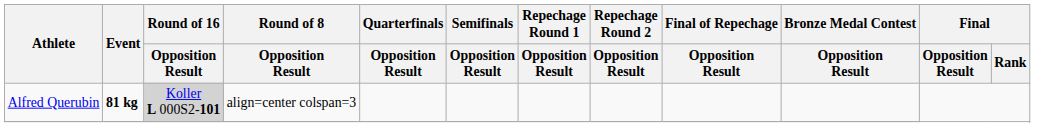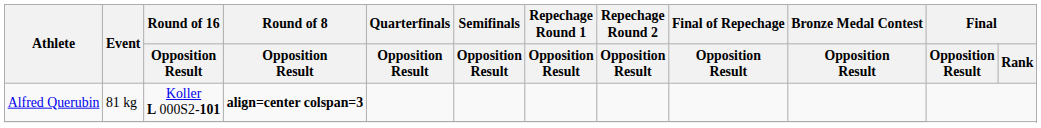 <table class="wikitable" style="font-size:90%">
 <tr>
 <th rowspan="2">Athlete</th>
 <th rowspan="2">Event</th>
 <th colspan="1">Round of 16</th>
 <th colspan="1">Round of 8</th>
 <th colspan="1">Quarterfinals</th>
 <th colspan="1">Semifinals</th>
 <th colspan="1">Repechage<br>Round 1</th>
 <th colspan="1">Repechage<br>Round 2</th>
 <th colspan="1">Final of Repechage</th>
 <th colspan="1">Bronze Medal Contest</th>
 <th colspan="2">Final</th>
 </tr>
 <tr>
 <th>Opposition<br>Result</th>
 <th>Opposition<br>Result</th>
 <th>Opposition<br>Result</th>
 <th>Opposition<br>Result</th>
 <th>Opposition<br>Result</th>
 <th>Opposition<br>Result</th>
 <th>Opposition<br>Result</th>
 <th>Opposition<br>Result</th>
 <th>Opposition<br>Result</th>
 <th>Rank</th>
 </tr>
 <tr>
 <td><a href='#'>Alfred Querubin</a></td>
-<td><strong>81 kg</strong></td>
-<td align=center style="background: lightgrey;"> <a href='#'>Koller</a> <br><strong>L</strong> 000S2-<strong>101</strong></td>
-<td>align=center colspan=3 </td>
+<td>81 kg</td>
+<td align=center> <a href='#'>Koller</a> <br><strong>L</strong> 000S2-<strong>101</strong></td>
+<td><strong>align=center colspan=3 </strong></td>
 <td align=center></td>
 <td align=center></td>
 <td align=center></td>
 <td align=center></td>
 <td align=center></td>
 <td align=center></td>
 </tr>
 <tr>
 </tr>
 </table>
